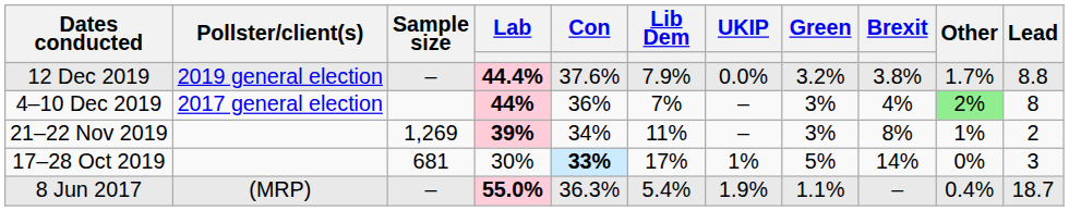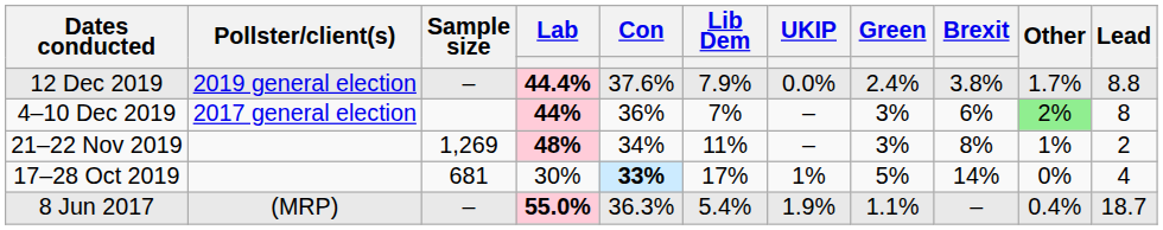 <table class="wikitable sortable mw-datatable" style="text-align:center;line-height:14px;">
 <tr>
 <th rowspan="2">Dates<br>conducted</th>
 <th rowspan="2">Pollster/client(s)</th>
 <th data-sort-type="number" rowspan="2">Sample<br>size</th>
 <th class="unsortable" style="width:50px;"><a href='#'>Lab</a></th>
 <th class="unsortable" style="width:50px;"><a href='#'>Con</a></th>
 <th class="unsortable" style="width:50px;"><a href='#'>Lib Dem</a></th>
 <th class="unsortable" style="width:50px;"><a href='#'>UKIP</a></th>
 <th class="unsortable" style="width:50px;"><a href='#'>Green</a></th>
 <th class="unsortable" style="width:50px;"><a href='#'>Brexit</a></th>
 <th class="unsortable" rowspan="2">Other</th>
 <th data-sort-type="number" rowspan="2">Lead</th>
 </tr>
 <tr>
 <th data-sort-type="number" style="background:"></th>
 <th data-sort-type="number" style="background:"></th>
 <th data-sort-type="number" style="background:"></th>
 <th data-sort-type="number" style="background:"></th>
 <th data-sort-type="number" style="background:"></th>
 <th data-sort-type="number" style="background:"></th>
 </tr>
 <tr style="background:#E9E9E9;">
 <td data-sort-value="2017-06-08">12 Dec 2019</td>
 <td><a href='#'>2019 general election</a></td>
 <td>–</td>
 <td style="background:#FFCCD9;"><strong>44.4%</strong></td>
 <td>37.6%</td>
 <td>7.9%</td>
 <td>0.0%</td>
-<td>3.2%</td>
+<td>2.4%</td>
 <td>3.8%</td>
 <td>1.7%</td>
 <td style="background:">8.8</td>
 </tr>
 <tr>
 <td data-sort-value="2019-12-10">4–10 Dec 2019</td>
 <td><a href='#'>2017 general election</a></td>
 <td></td>
 <td style="background:#FFCCD9;"><strong>44%</strong></td>
 <td>36%</td>
 <td>7%</td>
 <td>–</td>
 <td>3%</td>
-<td>4%</td>
+<td>6%</td>
 <td style="background: lightgreen;">2%</td>
 <td style="background:">8</td>
 </tr>
 <tr>
 <td data-sort-value="2019-11-22">21–22 Nov 2019</td>
 <td></td>
 <td>1,269</td>
-<td style="background:#FFCCD9;"><strong>39%</strong></td>
+<td style="background:#FFCCD9;"><strong>48%</strong></td>
 <td>34%</td>
 <td>11%</td>
 <td>–</td>
 <td>3%</td>
 <td>8%</td>
 <td>1%</td>
 <td style="background:">2</td>
 </tr>
 <tr>
 <td data-sort-value="2019-10-28">17–28 Oct 2019</td>
 <td></td>
 <td>681</td>
 <td>30%</td>
 <td style="background:#CCEBFF;"><strong>33%</strong></td>
 <td>17%</td>
 <td>1%</td>
 <td>5%</td>
 <td>14%</td>
 <td>0%</td>
-<td style="background:">3</td>
+<td style="background:">4</td>
 </tr>
 <tr style="background:#E9E9E9;">
 <td data-sort-value="2017-06-08">8 Jun 2017</td>
 <td> (MRP)</td>
 <td>–</td>
 <td style="background:#FFCCD9;"><strong>55.0%</strong></td>
 <td>36.3%</td>
 <td>5.4%</td>
 <td>1.9%</td>
 <td>1.1%</td>
 <td>–</td>
 <td>0.4%</td>
 <td style="background:">18.7</td>
 </tr>
 </table>
